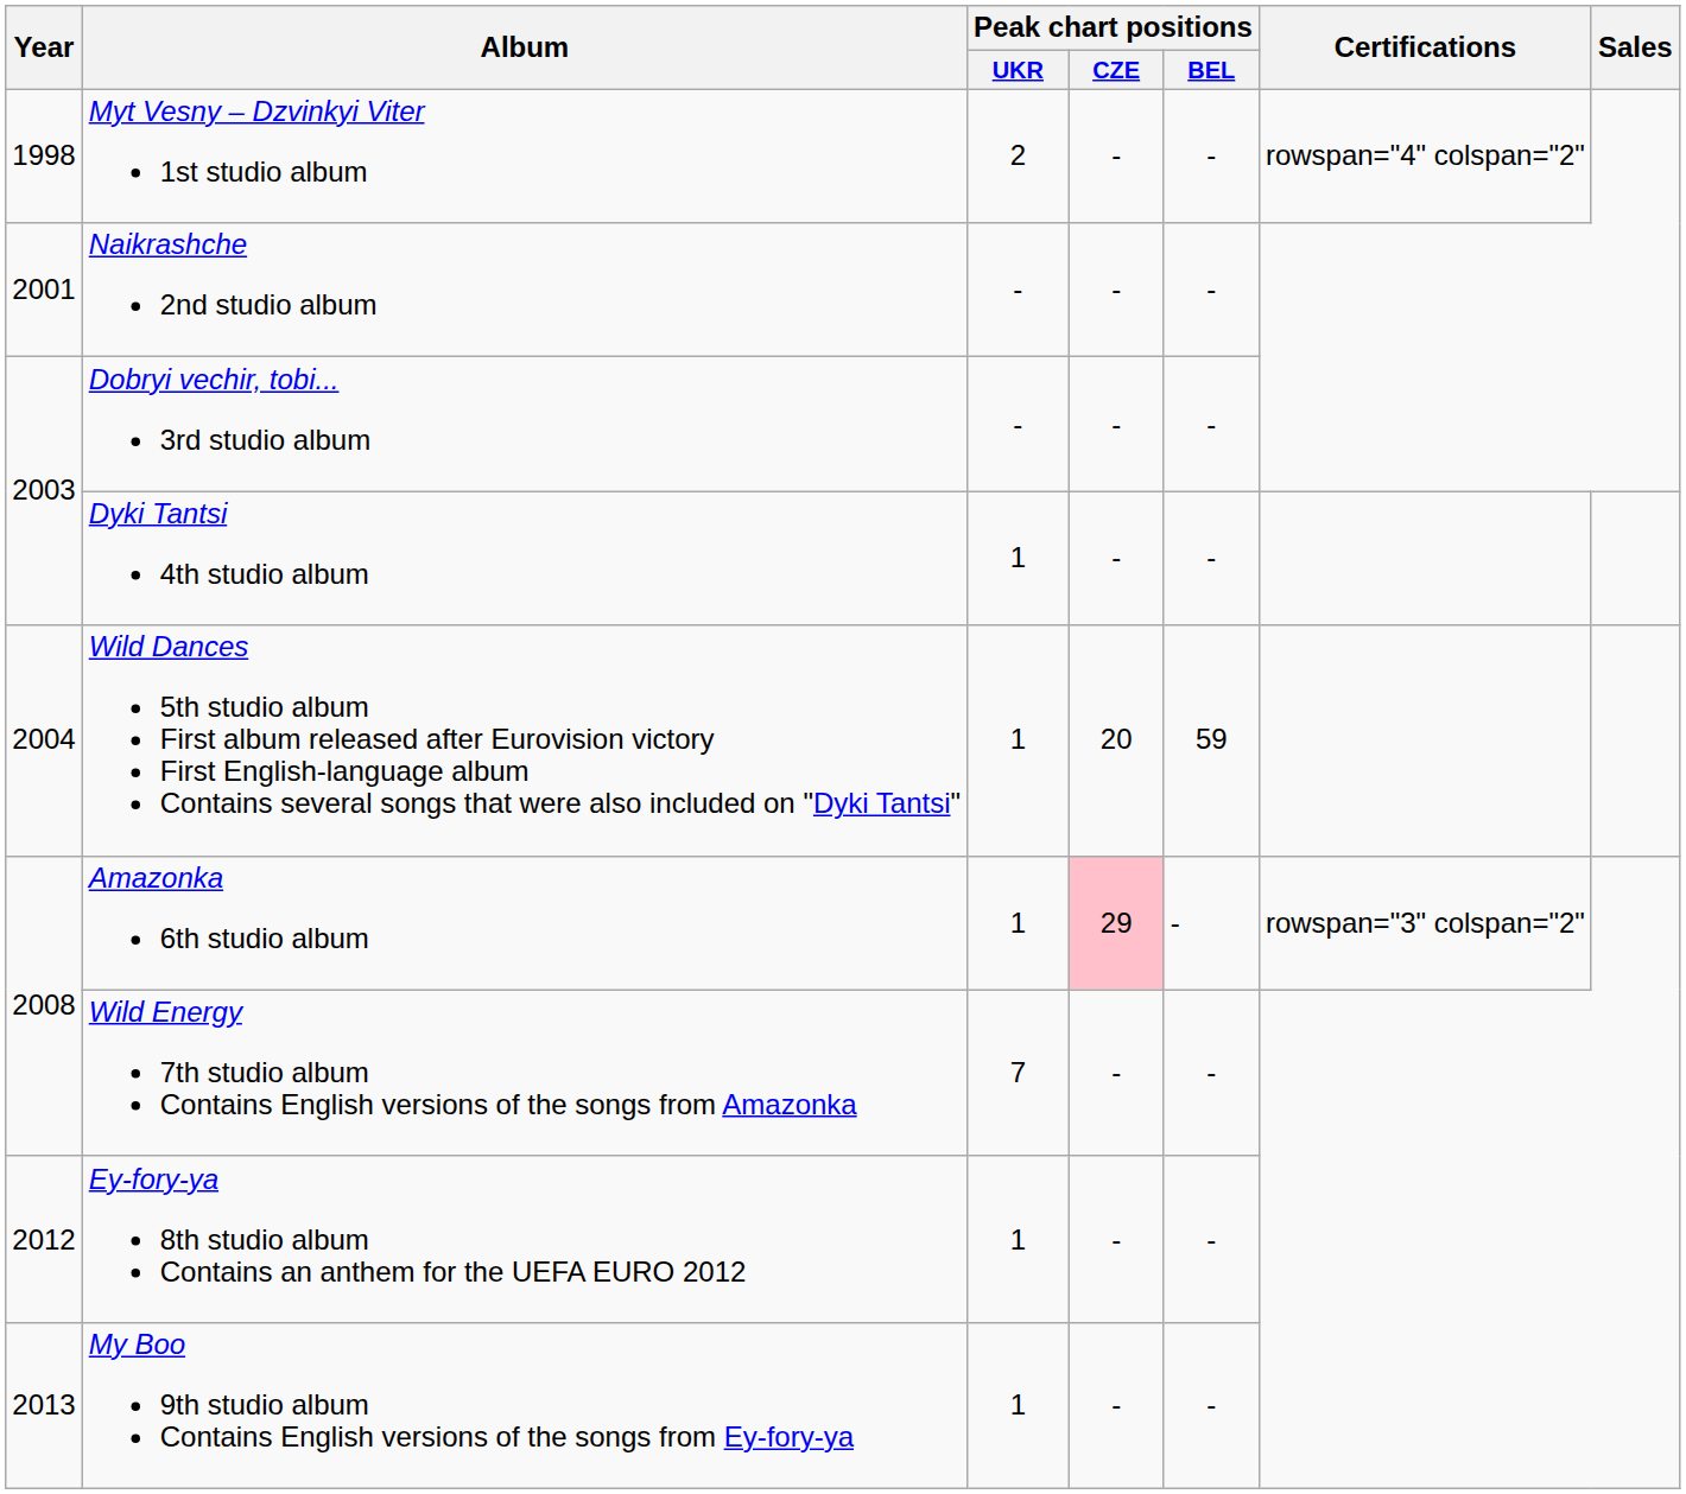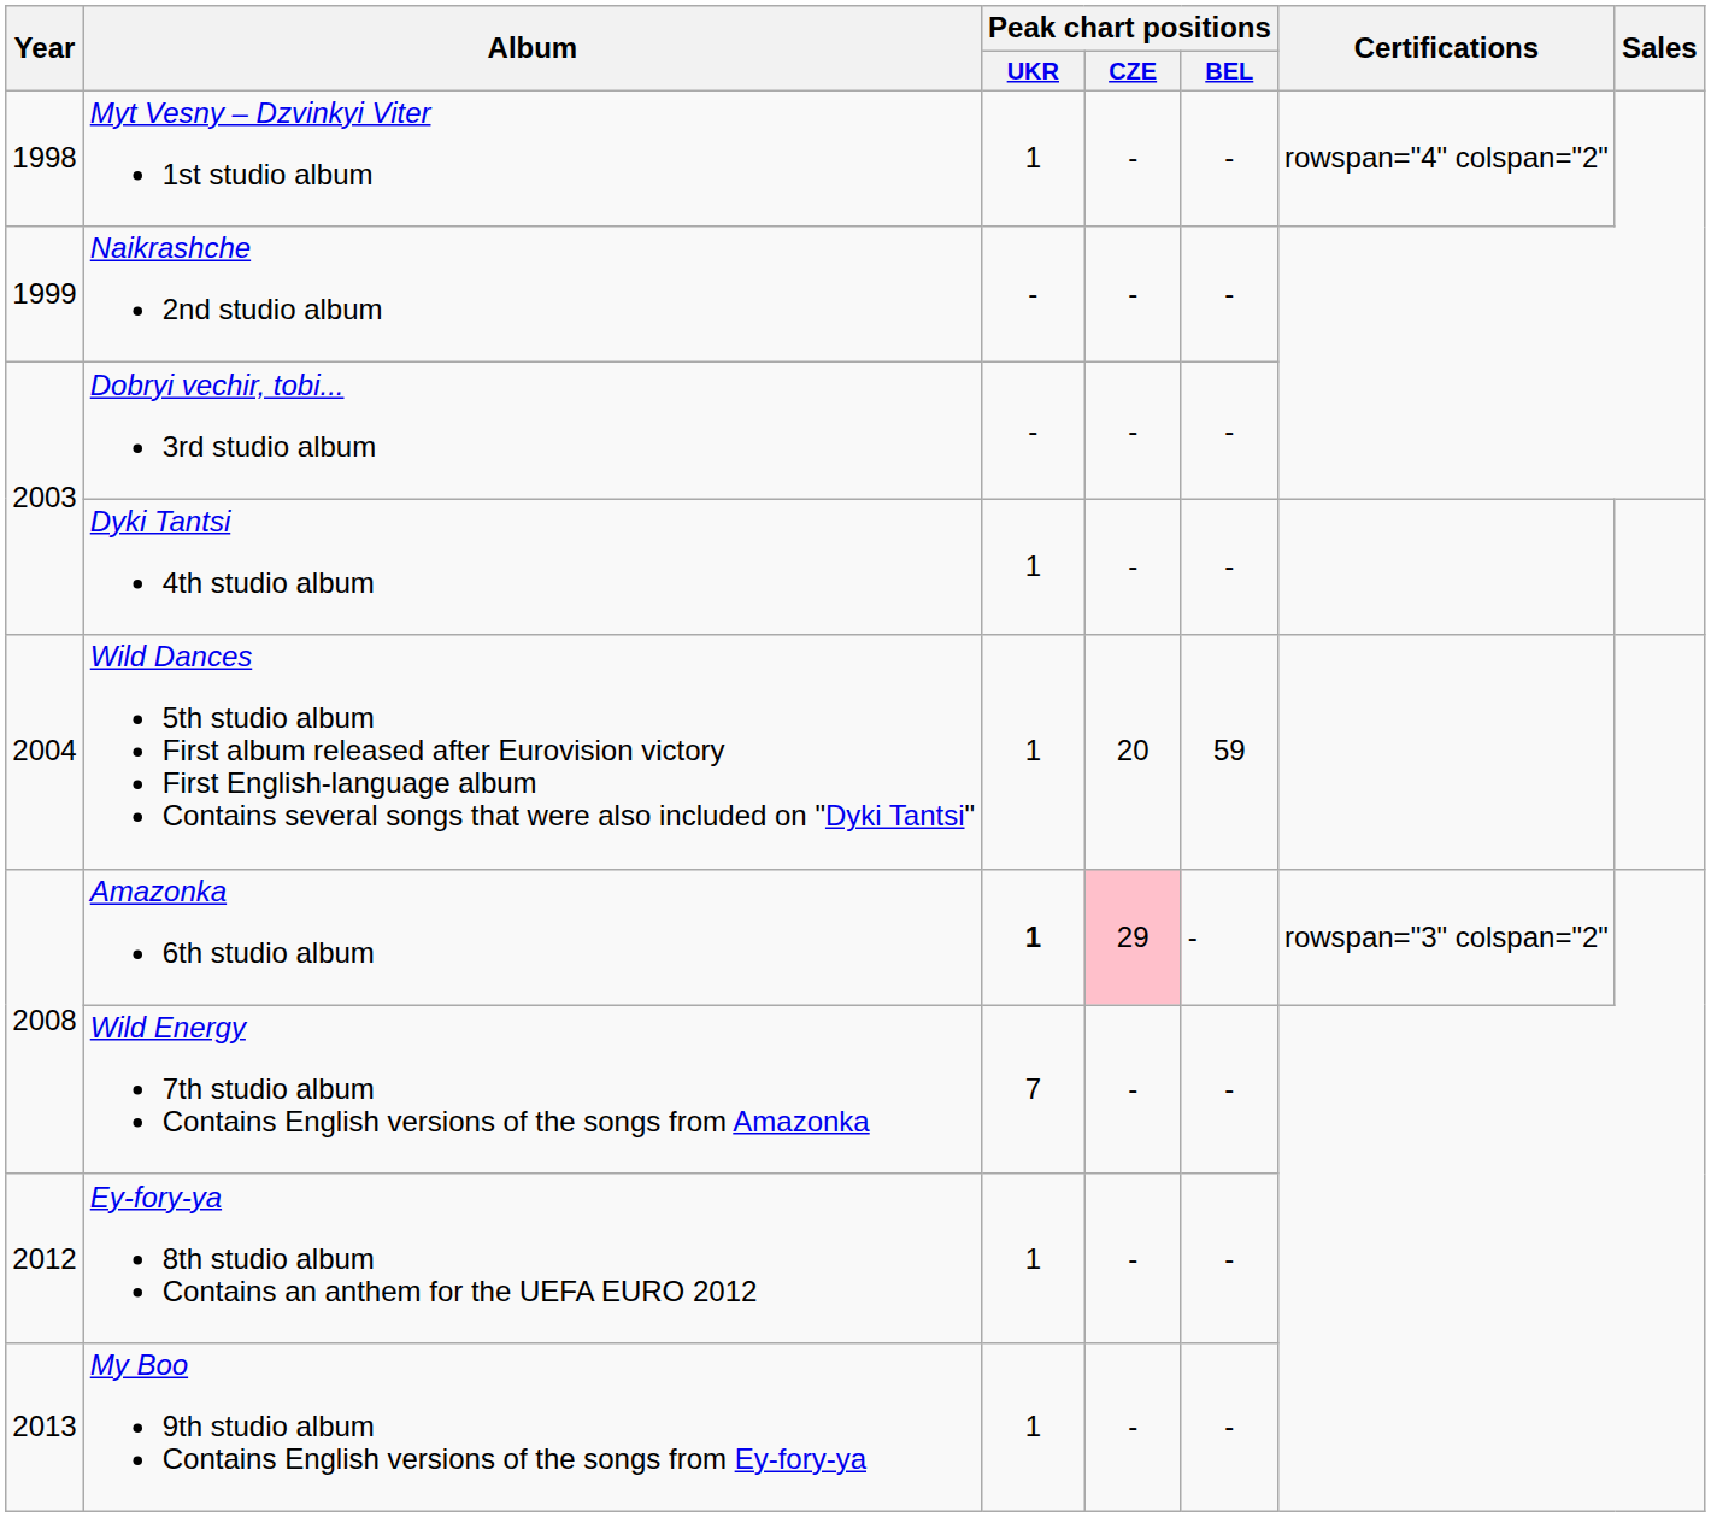 <table class="wikitable">
 <tr>
 <th rowspan=2>Year</th>
 <th rowspan=2>Album</th>
 <th colspan=3>Peak chart positions</th>
 <th rowspan=2>Certifications</th>
 <th rowspan=2>Sales</th>
 </tr>
 <tr style="font-size:smaller;">
 <th><a href='#'>UKR</a></th>
 <th><a href='#'>CZE</a></th>
 <th><a href='#'>BEL</a></th>
 </tr>
 <tr>
 <td align="center">1998</td>
 <td><em><a href='#'>Myt Vesny – Dzvinkyi Viter</a></em><br><ul><li>1st studio album</li></ul></td>
-<td align="center">2</td>
+<td align="center">1</td>
 <td align="center">-</td>
 <td align="center">-</td>
 <td>rowspan="4" colspan="2" </td>
 </tr>
 <tr>
-<td align="center">2001</td>
+<td align="center">1999</td>
 <td><em><a href='#'>Naikrashche</a></em><br><ul><li>2nd studio album</li></ul></td>
 <td align="center">-</td>
 <td align="center">-</td>
 <td align="center">-</td>
 </tr>
 <tr>
 <td rowspan="2" align="center">2003</td>
 <td><em><a href='#'>Dobryi vechir, tobi...</a></em><br><ul><li>3rd studio album</li></ul></td>
 <td align="center">-</td>
 <td align="center">-</td>
 <td align="center">-</td>
 </tr>
 <tr>
 <td><em><a href='#'>Dyki Tantsi</a></em><br><ul><li>4th studio album</li></ul></td>
 <td align="center">1</td>
 <td align="center">-</td>
 <td align="center">-</td>
 <td></td>
 <td></td>
 </tr>
 <tr>
 <td align="center">2004</td>
 <td><em><a href='#'>Wild Dances</a></em><br><ul><li>5th studio album</li><li>First album released after Eurovision victory</li><li>First English-language album</li><li>Contains several songs that were also included on "<a href='#'>Dyki Tantsi</a>"</li></ul></td>
 <td align="center">1</td>
 <td align="center">20</td>
 <td align="center">59</td>
 <td></td>
 <td></td>
 </tr>
 <tr>
 <td rowspan="2" align="center">2008</td>
 <td><em><a href='#'>Amazonka</a></em><br><ul><li>6th studio album</li></ul></td>
-<td align="center">1</td>
+<td align="center"><strong>1</strong></td>
 <td align="center" style="background: pink;">29</td>
 <td>-</td>
 <td>rowspan="3" colspan="2" </td>
 </tr>
 <tr>
 <td><em><a href='#'>Wild Energy</a></em><br><ul><li>7th studio album</li><li>Contains English versions of the songs from <a href='#'>Amazonka</a></li></ul></td>
 <td align="center">7</td>
 <td align="center">-</td>
 <td align="center">-</td>
 </tr>
 <tr>
 <td align="center">2012</td>
 <td><em><a href='#'>Ey-fory-ya</a></em><br><ul><li>8th studio album</li><li>Contains an anthem for the UEFA EURO 2012</li></ul></td>
 <td align="center">1</td>
 <td align="center">-</td>
 <td align="center">-</td>
 </tr>
 <tr>
 <td align="center">2013</td>
 <td><em><a href='#'>My Boo</a></em><br><ul><li>9th studio album</li><li>Contains English versions of the songs from <a href='#'>Ey-fory-ya</a></li></ul></td>
 <td align="center">1</td>
 <td align="center">-</td>
 <td align="center">-</td>
 </tr>
 </table>
